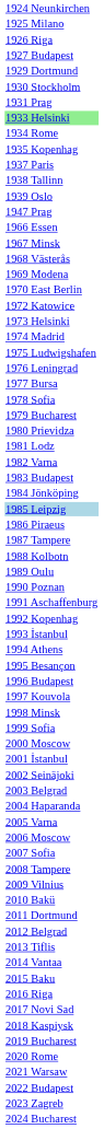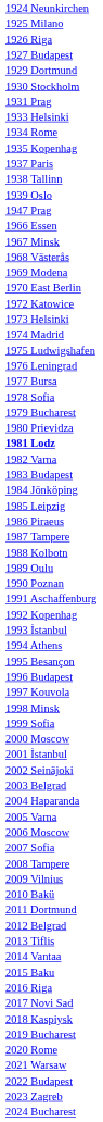 <table>
 <tr>
 <td><a href='#'>1924 Neunkirchen</a></td>
 <td></td>
 <td></td>
 <td></td>
 </tr>
 <tr>
 <td><a href='#'>1925 Milano</a></td>
 <td></td>
 <td></td>
 <td></td>
 </tr>
 <tr>
 <td><a href='#'>1926 Riga</a></td>
 <td></td>
 <td></td>
 <td></td>
 </tr>
 <tr>
 <td><a href='#'>1927 Budapest</a></td>
 <td></td>
 <td></td>
 <td></td>
 </tr>
 <tr>
 <td><a href='#'>1929 Dortmund</a></td>
 <td></td>
 <td></td>
 <td></td>
 </tr>
 <tr>
 <td><a href='#'>1930 Stockholm</a></td>
 <td></td>
 <td></td>
 <td></td>
 </tr>
 <tr>
 <td><a href='#'>1931 Prag</a></td>
 <td></td>
 <td></td>
 <td></td>
 </tr>
 <tr>
-<td style="background: lightgreen;"><a href='#'>1933 Helsinki</a></td>
+<td><a href='#'>1933 Helsinki</a></td>
 <td></td>
 <td></td>
 <td></td>
 </tr>
 <tr>
 <td><a href='#'>1934 Rome</a></td>
 <td></td>
 <td></td>
 <td></td>
 </tr>
 <tr>
 <td><a href='#'>1935 Kopenhag</a></td>
 <td></td>
 <td></td>
 <td></td>
 </tr>
 <tr>
 <td><a href='#'>1937 Paris</a></td>
 <td></td>
 <td></td>
 <td></td>
 </tr>
 <tr>
 <td><a href='#'>1938 Tallinn</a></td>
 <td></td>
 <td></td>
 <td></td>
 </tr>
 <tr>
 <td><a href='#'>1939 Oslo</a></td>
 <td></td>
 <td></td>
 <td></td>
 </tr>
 <tr>
 <td><a href='#'>1947 Prag</a></td>
 <td></td>
 <td></td>
 <td></td>
 </tr>
 <tr>
 <td><a href='#'>1966 Essen</a></td>
 <td></td>
 <td></td>
 <td></td>
 </tr>
 <tr>
 <td><a href='#'>1967 Minsk</a></td>
 <td></td>
 <td></td>
 <td></td>
 </tr>
 <tr>
 <td><a href='#'>1968 Västerås</a></td>
 <td></td>
 <td></td>
 <td></td>
 </tr>
 <tr>
 <td><a href='#'>1969 Modena</a></td>
 <td></td>
 <td></td>
 <td></td>
 </tr>
 <tr>
 <td><a href='#'>1970 East Berlin</a></td>
 <td></td>
 <td></td>
 <td></td>
 </tr>
 <tr>
 <td><a href='#'>1972 Katowice</a></td>
 <td></td>
 <td></td>
 <td></td>
 </tr>
 <tr>
 <td><a href='#'>1973 Helsinki</a></td>
 <td></td>
 <td></td>
 <td></td>
 </tr>
 <tr>
 <td><a href='#'>1974 Madrid</a></td>
 <td></td>
 <td></td>
 <td></td>
 </tr>
 <tr>
 <td><a href='#'>1975 Ludwigshafen</a></td>
 <td></td>
 <td></td>
 <td></td>
 </tr>
 <tr>
 <td><a href='#'>1976 Leningrad</a></td>
 <td></td>
 <td></td>
 <td></td>
 </tr>
 <tr>
 <td><a href='#'>1977 Bursa</a></td>
 <td></td>
 <td></td>
 <td></td>
 </tr>
 <tr>
 <td><a href='#'>1978 Sofia</a></td>
 <td></td>
 <td></td>
 <td></td>
 </tr>
 <tr>
 <td><a href='#'>1979 Bucharest</a></td>
 <td></td>
 <td></td>
 <td></td>
 </tr>
 <tr>
 <td><a href='#'>1980 Prievidza</a></td>
 <td></td>
 <td></td>
 <td></td>
 </tr>
 <tr>
-<td><a href='#'>1981 Lodz</a></td>
+<td><strong><a href='#'>1981 Lodz</a></strong></td>
 <td></td>
 <td></td>
 <td></td>
 </tr>
 <tr>
 <td><a href='#'>1982 Varna</a></td>
 <td></td>
 <td></td>
 <td></td>
 </tr>
 <tr>
 <td><a href='#'>1983 Budapest</a></td>
 <td></td>
 <td></td>
 <td></td>
 </tr>
 <tr>
 <td><a href='#'>1984 Jönköping</a></td>
 <td></td>
 <td></td>
 <td></td>
 </tr>
 <tr>
-<td style="background: lightblue;"><a href='#'>1985 Leipzig</a></td>
+<td><a href='#'>1985 Leipzig</a></td>
 <td></td>
 <td></td>
 <td></td>
 </tr>
 <tr>
 <td><a href='#'>1986 Piraeus</a></td>
 <td></td>
 <td></td>
 <td></td>
 </tr>
 <tr>
 <td><a href='#'>1987 Tampere</a></td>
 <td></td>
 <td></td>
 <td></td>
 </tr>
 <tr>
 <td><a href='#'>1988 Kolbotn</a></td>
 <td></td>
 <td></td>
 <td></td>
 </tr>
 <tr>
 <td><a href='#'>1989 Oulu</a></td>
 <td></td>
 <td></td>
 <td></td>
 </tr>
 <tr>
 <td><a href='#'>1990 Poznan</a></td>
 <td></td>
 <td></td>
 <td></td>
 </tr>
 <tr>
 <td><a href='#'>1991 Aschaffenburg</a></td>
 <td></td>
 <td></td>
 <td></td>
 </tr>
 <tr>
 <td><a href='#'>1992 Kopenhag</a></td>
 <td></td>
 <td></td>
 <td></td>
 </tr>
 <tr>
 <td><a href='#'>1993 İstanbul</a></td>
 <td></td>
 <td></td>
 <td></td>
 </tr>
 <tr>
 <td><a href='#'>1994 Athens</a></td>
 <td></td>
 <td></td>
 <td></td>
 </tr>
 <tr>
 <td><a href='#'>1995 Besançon</a></td>
 <td></td>
 <td></td>
 <td></td>
 </tr>
 <tr>
 <td><a href='#'>1996 Budapest</a></td>
 <td></td>
 <td></td>
 <td></td>
 </tr>
 <tr>
 <td><a href='#'>1997 Kouvola</a></td>
 <td></td>
 <td></td>
 <td></td>
 </tr>
 <tr>
 <td><a href='#'>1998 Minsk</a></td>
 <td></td>
 <td></td>
 <td></td>
 </tr>
 <tr>
 <td><a href='#'>1999 Sofia</a></td>
 <td></td>
 <td></td>
 <td></td>
 </tr>
 <tr>
 <td><a href='#'>2000 Moscow</a></td>
 <td></td>
 <td></td>
 <td></td>
 </tr>
 <tr>
 <td><a href='#'>2001 İstanbul</a></td>
 <td></td>
 <td></td>
 <td></td>
 </tr>
 <tr>
 <td><a href='#'>2002 Seinäjoki</a></td>
 <td></td>
 <td></td>
 <td></td>
 </tr>
 <tr>
 <td><a href='#'>2003 Belgrad</a></td>
 <td></td>
 <td></td>
 <td></td>
 </tr>
 <tr>
 <td><a href='#'>2004 Haparanda</a></td>
 <td></td>
 <td></td>
 <td></td>
 </tr>
 <tr>
 <td rowspan=2><a href='#'>2005 Varna</a></td>
 <td rowspan=2></td>
 <td rowspan=2></td>
 <td></td>
 </tr>
 <tr>
 <td></td>
 </tr>
 <tr>
 <td rowspan=2><a href='#'>2006 Moscow</a></td>
 <td rowspan=2></td>
 <td rowspan=2></td>
 <td></td>
 </tr>
 <tr>
 <td></td>
 </tr>
 <tr>
 <td rowspan=2><a href='#'>2007 Sofia</a></td>
 <td rowspan=2></td>
 <td rowspan=2></td>
 <td></td>
 </tr>
 <tr>
 <td></td>
 </tr>
 <tr>
 <td rowspan=2><a href='#'>2008 Tampere</a></td>
 <td rowspan=2></td>
 <td rowspan=2></td>
 <td></td>
 </tr>
 <tr>
 <td></td>
 </tr>
 <tr>
 <td rowspan=2><a href='#'>2009 Vilnius</a></td>
 <td rowspan=2></td>
 <td rowspan=2></td>
 <td></td>
 </tr>
 <tr>
 <td></td>
 </tr>
 <tr>
 <td rowspan=2><a href='#'>2010 Bakü</a></td>
 <td rowspan=2></td>
 <td rowspan=2></td>
 <td></td>
 </tr>
 <tr>
 <td></td>
 </tr>
 <tr>
 <td rowspan=2><a href='#'>2011 Dortmund</a></td>
 <td rowspan=2></td>
 <td rowspan=2></td>
 <td></td>
 </tr>
 <tr>
 <td></td>
 </tr>
 <tr>
 <td rowspan=2><a href='#'>2012 Belgrad</a></td>
 <td rowspan=2></td>
 <td rowspan=2></td>
 <td></td>
 </tr>
 <tr>
 <td></td>
 </tr>
 <tr>
 <td rowspan=2><a href='#'>2013 Tiflis</a></td>
 <td rowspan=2></td>
 <td rowspan=2></td>
 <td></td>
 </tr>
 <tr>
 <td></td>
 </tr>
 <tr>
 <td rowspan=2><a href='#'>2014 Vantaa</a></td>
 <td rowspan=2></td>
 <td rowspan=2></td>
 <td></td>
 </tr>
 <tr>
 <td></td>
 </tr>
 <tr>
 <td rowspan=2><a href='#'>2015 Baku</a></td>
 <td rowspan=2></td>
 <td rowspan=2></td>
 <td></td>
 </tr>
 <tr>
 <td></td>
 </tr>
 <tr>
 <td rowspan=2><a href='#'>2016 Riga</a></td>
 <td rowspan=2></td>
 <td rowspan=2></td>
 <td></td>
 </tr>
 <tr>
 <td></td>
 </tr>
 <tr>
 <td rowspan=2><a href='#'>2017 Novi Sad</a></td>
 <td rowspan=2></td>
 <td rowspan=2></td>
 <td></td>
 </tr>
 <tr>
 <td></td>
 </tr>
 <tr>
 <td rowspan=2><a href='#'>2018 Kaspiysk</a></td>
 <td rowspan=2></td>
 <td rowspan=2></td>
 <td></td>
 </tr>
 <tr>
 <td></td>
 </tr>
 <tr>
 <td rowspan=2><a href='#'>2019 Bucharest</a></td>
 <td rowspan=2></td>
 <td rowspan=2></td>
 <td></td>
 </tr>
 <tr>
 <td></td>
 </tr>
 <tr>
 <td rowspan=2><a href='#'>2020 Rome</a></td>
 <td rowspan=2></td>
 <td rowspan=2></td>
 <td></td>
 </tr>
 <tr>
 <td></td>
 </tr>
 <tr>
 <td rowspan=2><a href='#'>2021 Warsaw</a></td>
 <td rowspan=2></td>
 <td rowspan=2></td>
 <td></td>
 </tr>
 <tr>
 <td></td>
 </tr>
 <tr>
 <td rowspan=2><a href='#'>2022 Budapest</a></td>
 <td rowspan=2></td>
 <td rowspan=2></td>
 <td></td>
 </tr>
 <tr>
 <td></td>
 </tr>
 <tr>
 <td rowspan=2><a href='#'>2023 Zagreb</a></td>
 <td rowspan=2></td>
 <td rowspan=2></td>
 <td></td>
 </tr>
 <tr>
 <td></td>
 </tr>
 <tr>
 <td rowspan=2><a href='#'>2024 Bucharest</a></td>
 <td rowspan=2></td>
 <td rowspan=2></td>
 <td></td>
 </tr>
 <tr>
 <td></td>
 </tr>
 </table>
